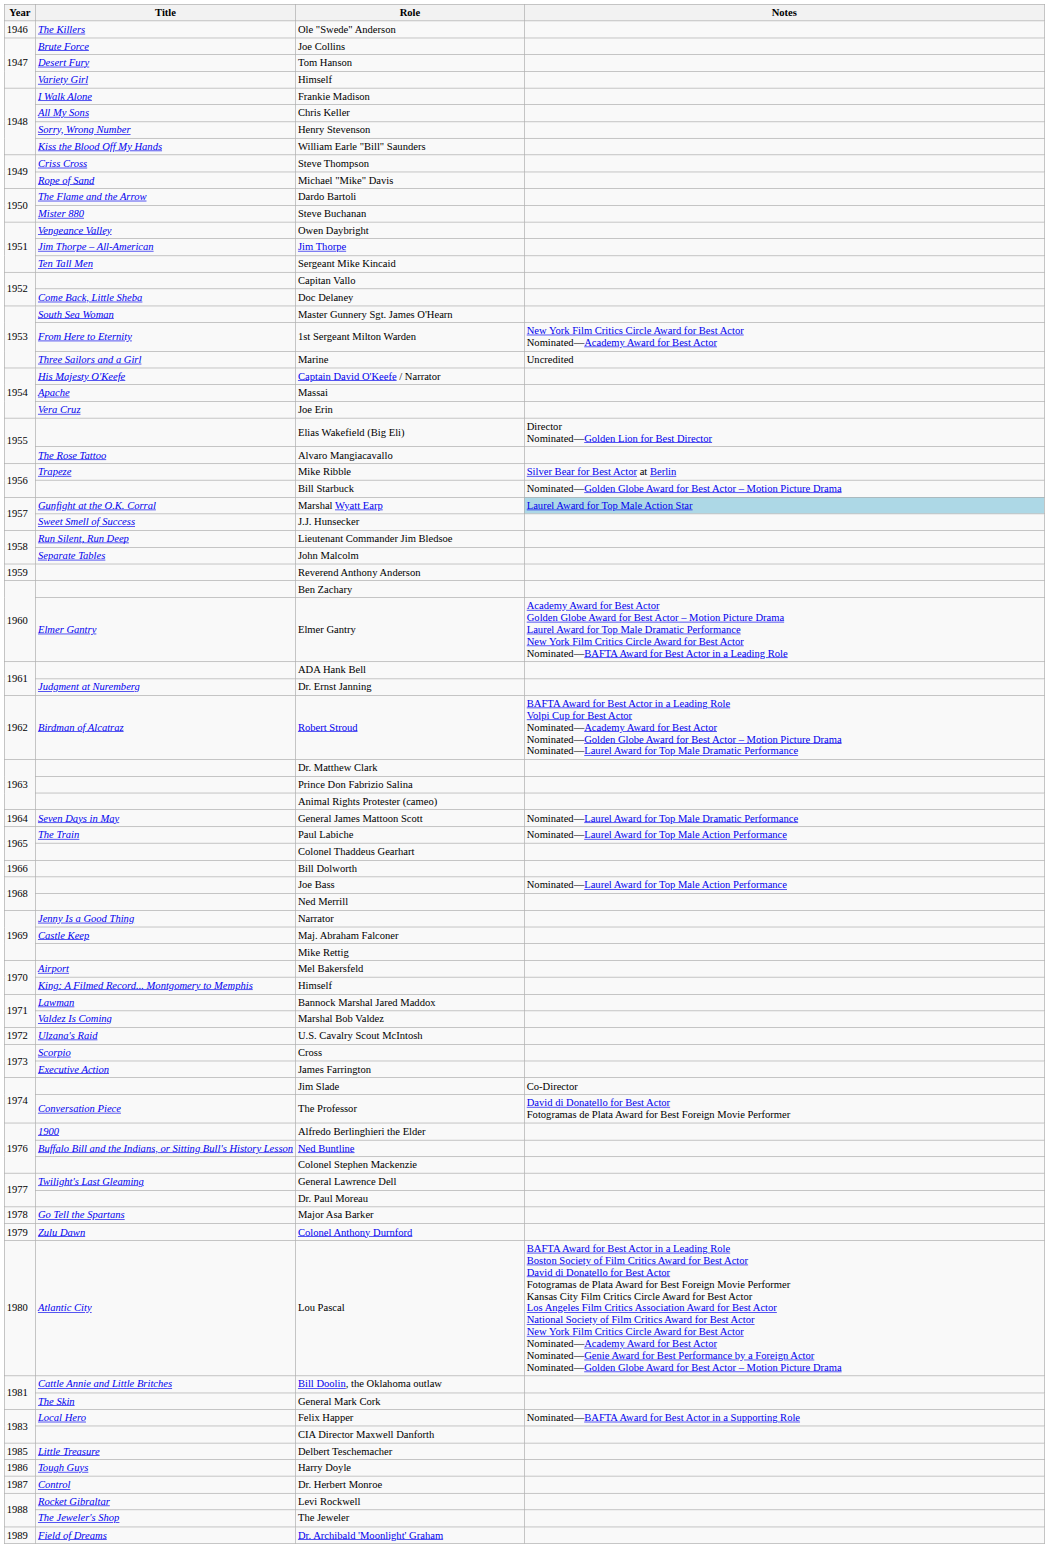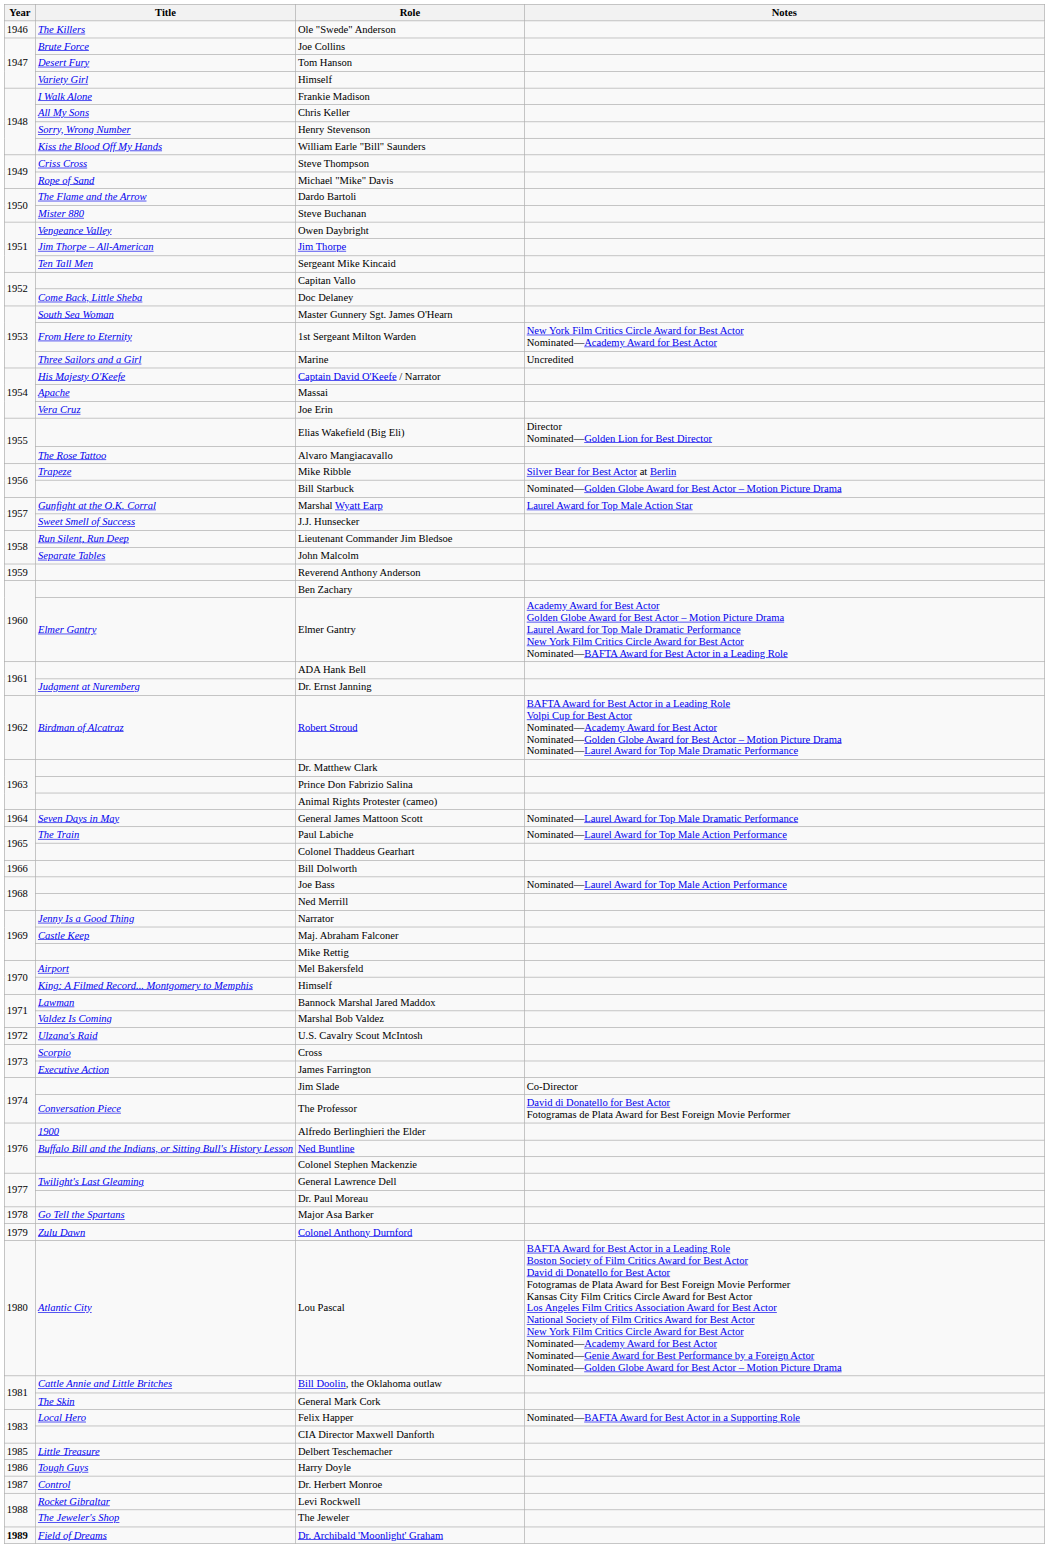 <table class="wikitable sortable">
 <tr>
 <th style="width:3%">Year</th>
 <th style="width:25%">Title</th>
 <th style="width:22%">Role</th>
 <th class="unsortable">Notes</th>
 </tr>
 <tr>
 <td>1946</td>
 <td><em><a href='#'>The Killers</a></em></td>
 <td>Ole "Swede" Anderson</td>
 <td></td>
 </tr>
 <tr>
 <td rowspan="3">1947</td>
 <td><em><a href='#'>Brute Force</a></em></td>
 <td>Joe Collins</td>
 <td></td>
 </tr>
 <tr>
 <td><em><a href='#'>Desert Fury</a></em></td>
 <td>Tom Hanson</td>
 <td></td>
 </tr>
 <tr>
 <td><em><a href='#'>Variety Girl</a></em></td>
 <td>Himself</td>
 <td></td>
 </tr>
 <tr>
 <td rowspan="4">1948</td>
 <td><em><a href='#'>I Walk Alone</a></em></td>
 <td>Frankie Madison</td>
 <td></td>
 </tr>
 <tr>
 <td><em><a href='#'>All My Sons</a></em></td>
 <td>Chris Keller</td>
 <td></td>
 </tr>
 <tr>
 <td><em><a href='#'>Sorry, Wrong Number</a></em></td>
 <td>Henry Stevenson</td>
 <td></td>
 </tr>
 <tr>
 <td><em><a href='#'>Kiss the Blood Off My Hands</a></em></td>
 <td>William Earle "Bill" Saunders</td>
 <td></td>
 </tr>
 <tr>
 <td rowspan="2">1949</td>
 <td><em><a href='#'>Criss Cross</a></em></td>
 <td>Steve Thompson</td>
 <td></td>
 </tr>
 <tr>
 <td><em><a href='#'>Rope of Sand</a></em></td>
 <td>Michael "Mike" Davis</td>
 <td></td>
 </tr>
 <tr>
 <td rowspan="2">1950</td>
 <td><em><a href='#'>The Flame and the Arrow</a></em></td>
 <td>Dardo Bartoli</td>
 <td></td>
 </tr>
 <tr>
 <td><em><a href='#'>Mister 880</a></em></td>
 <td>Steve Buchanan</td>
 <td></td>
 </tr>
 <tr>
 <td rowspan="3">1951</td>
 <td><em><a href='#'>Vengeance Valley</a></em></td>
 <td>Owen Daybright</td>
 <td></td>
 </tr>
 <tr>
 <td><em><a href='#'>Jim Thorpe – All-American</a></em></td>
 <td><a href='#'>Jim Thorpe</a></td>
 <td></td>
 </tr>
 <tr>
 <td><em><a href='#'>Ten Tall Men</a></em></td>
 <td>Sergeant Mike Kincaid</td>
 <td></td>
 </tr>
 <tr>
 <td rowspan="2">1952</td>
 <td><em></em></td>
 <td>Capitan Vallo</td>
 <td></td>
 </tr>
 <tr>
 <td><em><a href='#'>Come Back, Little Sheba</a></em></td>
 <td>Doc Delaney</td>
 <td></td>
 </tr>
 <tr>
 <td rowspan="3">1953</td>
 <td><em><a href='#'>South Sea Woman</a></em></td>
 <td>Master Gunnery Sgt. James O'Hearn</td>
 <td></td>
 </tr>
 <tr>
 <td><em><a href='#'>From Here to Eternity</a></em></td>
 <td>1st Sergeant Milton Warden</td>
 <td><a href='#'>New York Film Critics Circle Award for Best Actor</a><br>Nominated—<a href='#'>Academy Award for Best Actor</a></td>
 </tr>
 <tr>
 <td><em><a href='#'>Three Sailors and a Girl</a></em></td>
 <td>Marine</td>
 <td>Uncredited</td>
 </tr>
 <tr>
 <td rowspan="3">1954</td>
 <td><em><a href='#'>His Majesty O'Keefe</a></em></td>
 <td><a href='#'>Captain David O'Keefe</a> / Narrator</td>
 <td></td>
 </tr>
 <tr>
 <td><em><a href='#'>Apache</a></em></td>
 <td>Massai</td>
 <td></td>
 </tr>
 <tr>
 <td><em><a href='#'>Vera Cruz</a></em></td>
 <td>Joe Erin</td>
 <td></td>
 </tr>
 <tr>
 <td rowspan="2">1955</td>
 <td><em></em></td>
 <td>Elias Wakefield (Big Eli)</td>
 <td>Director<br>Nominated—<a href='#'>Golden Lion for Best Director</a></td>
 </tr>
 <tr>
 <td><em><a href='#'>The Rose Tattoo</a></em></td>
 <td>Alvaro Mangiacavallo</td>
 <td></td>
 </tr>
 <tr>
 <td rowspan="2">1956</td>
 <td><em><a href='#'>Trapeze</a></em></td>
 <td>Mike Ribble</td>
 <td><a href='#'>Silver Bear for Best Actor</a> at <a href='#'>Berlin</a></td>
 </tr>
 <tr>
 <td><em></em></td>
 <td>Bill Starbuck</td>
 <td>Nominated—<a href='#'>Golden Globe Award for Best Actor – Motion Picture Drama</a></td>
 </tr>
 <tr>
 <td rowspan="2">1957</td>
 <td><em><a href='#'>Gunfight at the O.K. Corral</a></em></td>
 <td>Marshal <a href='#'>Wyatt Earp</a></td>
-<td style="background: lightblue;"><a href='#'>Laurel Award for Top Male Action Star</a></td>
+<td><a href='#'>Laurel Award for Top Male Action Star</a></td>
 </tr>
 <tr>
 <td><em><a href='#'>Sweet Smell of Success</a></em></td>
 <td>J.J. Hunsecker</td>
 <td></td>
 </tr>
 <tr>
 <td rowspan="2">1958</td>
 <td><em><a href='#'>Run Silent, Run Deep</a></em></td>
 <td>Lieutenant Commander Jim Bledsoe</td>
 <td></td>
 </tr>
 <tr>
 <td><em><a href='#'>Separate Tables</a></em></td>
 <td>John Malcolm</td>
 <td></td>
 </tr>
 <tr>
 <td>1959</td>
 <td><em></em></td>
 <td>Reverend Anthony Anderson</td>
 <td></td>
 </tr>
 <tr>
 <td rowspan="2">1960</td>
 <td><em></em></td>
 <td>Ben Zachary</td>
 <td></td>
 </tr>
 <tr>
 <td><em><a href='#'>Elmer Gantry</a></em></td>
 <td>Elmer Gantry</td>
 <td><a href='#'>Academy Award for Best Actor</a><br><a href='#'>Golden Globe Award for Best Actor – Motion Picture Drama</a><br><a href='#'>Laurel Award for Top Male Dramatic Performance</a><br><a href='#'>New York Film Critics Circle Award for Best Actor</a><br>Nominated—<a href='#'>BAFTA Award for Best Actor in a Leading Role</a></td>
 </tr>
 <tr>
 <td rowspan="2">1961</td>
 <td><em></em></td>
 <td>ADA Hank Bell</td>
 <td></td>
 </tr>
 <tr>
 <td><em><a href='#'>Judgment at Nuremberg</a></em></td>
 <td>Dr. Ernst Janning</td>
 <td></td>
 </tr>
 <tr>
 <td>1962</td>
 <td><em><a href='#'>Birdman of Alcatraz</a></em></td>
 <td><a href='#'>Robert Stroud</a></td>
 <td><a href='#'>BAFTA Award for Best Actor in a Leading Role</a><br><a href='#'>Volpi Cup for Best Actor</a><br>Nominated—<a href='#'>Academy Award for Best Actor</a><br>Nominated—<a href='#'>Golden Globe Award for Best Actor – Motion Picture Drama</a><br>Nominated—<a href='#'>Laurel Award for Top Male Dramatic Performance</a></td>
 </tr>
 <tr>
 <td rowspan="3">1963</td>
 <td><em></em></td>
 <td>Dr. Matthew Clark</td>
 <td></td>
 </tr>
 <tr>
 <td><em></em></td>
 <td>Prince Don Fabrizio Salina</td>
 <td></td>
 </tr>
 <tr>
 <td><em></em></td>
 <td>Animal Rights Protester (cameo)</td>
 <td></td>
 </tr>
 <tr>
 <td>1964</td>
 <td><em><a href='#'>Seven Days in May</a></em></td>
 <td>General James Mattoon Scott</td>
 <td>Nominated—<a href='#'>Laurel Award for Top Male Dramatic Performance</a></td>
 </tr>
 <tr>
 <td rowspan="2">1965</td>
 <td><em><a href='#'>The Train</a></em></td>
 <td>Paul Labiche</td>
 <td>Nominated—<a href='#'>Laurel Award for Top Male Action Performance</a></td>
 </tr>
 <tr>
 <td><em></em></td>
 <td>Colonel Thaddeus Gearhart</td>
 <td></td>
 </tr>
 <tr>
 <td>1966</td>
 <td><em></em></td>
 <td>Bill Dolworth</td>
 <td></td>
 </tr>
 <tr>
 <td rowspan="2">1968</td>
 <td><em></em></td>
 <td>Joe Bass</td>
 <td>Nominated—<a href='#'>Laurel Award for Top Male Action Performance</a></td>
 </tr>
 <tr>
 <td><em></em></td>
 <td>Ned Merrill</td>
 <td></td>
 </tr>
 <tr>
 <td rowspan="3">1969</td>
 <td><em><a href='#'>Jenny Is a Good Thing</a></em></td>
 <td>Narrator</td>
 <td></td>
 </tr>
 <tr>
 <td><em><a href='#'>Castle Keep</a></em></td>
 <td>Maj. Abraham Falconer</td>
 <td></td>
 </tr>
 <tr>
 <td><em></em></td>
 <td>Mike Rettig</td>
 <td></td>
 </tr>
 <tr>
 <td rowspan="2">1970</td>
 <td><em><a href='#'>Airport</a></em></td>
 <td>Mel Bakersfeld</td>
 <td></td>
 </tr>
 <tr>
 <td><em><a href='#'>King: A Filmed Record... Montgomery to Memphis</a></em></td>
 <td>Himself</td>
 <td></td>
 </tr>
 <tr>
 <td rowspan="2">1971</td>
 <td><em><a href='#'>Lawman</a></em></td>
 <td>Bannock Marshal Jared Maddox</td>
 <td></td>
 </tr>
 <tr>
 <td><em><a href='#'>Valdez Is Coming</a></em></td>
 <td>Marshal Bob Valdez</td>
 <td></td>
 </tr>
 <tr>
 <td>1972</td>
 <td><em><a href='#'>Ulzana's Raid</a></em></td>
 <td>U.S. Cavalry Scout McIntosh</td>
 <td></td>
 </tr>
 <tr>
 <td rowspan="2">1973</td>
 <td><em><a href='#'>Scorpio</a></em></td>
 <td>Cross</td>
 <td></td>
 </tr>
 <tr>
 <td><em><a href='#'>Executive Action</a></em></td>
 <td>James Farrington</td>
 <td></td>
 </tr>
 <tr>
 <td rowspan="2">1974</td>
 <td><em></em></td>
 <td>Jim Slade</td>
 <td>Co-Director</td>
 </tr>
 <tr>
 <td><em><a href='#'>Conversation Piece</a></em></td>
 <td>The Professor</td>
 <td><a href='#'>David di Donatello for Best Actor</a><br>Fotogramas de Plata Award for Best Foreign Movie Performer</td>
 </tr>
 <tr>
 <td rowspan="3">1976</td>
 <td><em><a href='#'>1900</a></em></td>
 <td>Alfredo Berlinghieri the Elder</td>
 <td></td>
 </tr>
 <tr>
 <td><em><a href='#'>Buffalo Bill and the Indians, or Sitting Bull's History Lesson</a></em></td>
 <td><a href='#'>Ned Buntline</a></td>
 <td></td>
 </tr>
 <tr>
 <td><em></em></td>
 <td>Colonel Stephen Mackenzie</td>
 <td></td>
 </tr>
 <tr>
 <td rowspan="2">1977</td>
 <td><em><a href='#'>Twilight's Last Gleaming</a></em></td>
 <td>General Lawrence Dell</td>
 </tr>
 <tr>
 <td><em></em></td>
 <td>Dr. Paul Moreau</td>
 <td></td>
 </tr>
 <tr>
 <td>1978</td>
 <td><em><a href='#'>Go Tell the Spartans</a></em></td>
 <td>Major Asa Barker</td>
 <td></td>
 </tr>
 <tr>
 <td>1979</td>
 <td><em><a href='#'>Zulu Dawn</a></em></td>
 <td><a href='#'>Colonel Anthony Durnford</a></td>
 <td></td>
 </tr>
 <tr>
 <td>1980</td>
 <td><em><a href='#'>Atlantic City</a></em></td>
 <td>Lou Pascal</td>
 <td><a href='#'>BAFTA Award for Best Actor in a Leading Role</a><br><a href='#'>Boston Society of Film Critics Award for Best Actor</a><br><a href='#'>David di Donatello for Best Actor</a><br>Fotogramas de Plata Award for Best Foreign Movie Performer<br>Kansas City Film Critics Circle Award for Best Actor<br><a href='#'>Los Angeles Film Critics Association Award for Best Actor</a><br><a href='#'>National Society of Film Critics Award for Best Actor</a><br><a href='#'>New York Film Critics Circle Award for Best Actor</a><br>Nominated—<a href='#'>Academy Award for Best Actor</a><br>Nominated—<a href='#'>Genie Award for Best Performance by a Foreign Actor</a><br>Nominated—<a href='#'>Golden Globe Award for Best Actor – Motion Picture Drama</a></td>
 </tr>
 <tr>
 <td rowspan="2">1981</td>
 <td><em><a href='#'>Cattle Annie and Little Britches</a></em></td>
 <td><a href='#'>Bill Doolin</a>, the Oklahoma outlaw</td>
 <td></td>
 </tr>
 <tr>
 <td><em><a href='#'>The Skin</a></em></td>
 <td>General Mark Cork</td>
 <td></td>
 </tr>
 <tr>
 <td rowspan="2">1983</td>
 <td><em><a href='#'>Local Hero</a></em></td>
 <td>Felix Happer</td>
 <td>Nominated—<a href='#'>BAFTA Award for Best Actor in a Supporting Role</a></td>
 </tr>
 <tr>
 <td><em></em></td>
 <td>CIA Director Maxwell Danforth</td>
 <td></td>
 </tr>
 <tr>
 <td>1985</td>
 <td><em><a href='#'>Little Treasure</a></em></td>
 <td>Delbert Teschemacher</td>
 <td></td>
 </tr>
 <tr>
 <td>1986</td>
 <td><em><a href='#'>Tough Guys</a></em></td>
 <td>Harry Doyle</td>
 <td></td>
 </tr>
 <tr>
 <td>1987</td>
 <td><em><a href='#'>Control</a></em></td>
 <td>Dr. Herbert Monroe</td>
 <td></td>
 </tr>
 <tr>
 <td rowspan="2">1988</td>
 <td><em><a href='#'>Rocket Gibraltar</a></em></td>
 <td>Levi Rockwell</td>
 <td></td>
 </tr>
 <tr>
 <td><em><a href='#'>The Jeweler's Shop</a></em></td>
 <td>The Jeweler</td>
 <td></td>
 </tr>
 <tr>
-<td>1989</td>
+<td><strong>1989</strong></td>
 <td><em><a href='#'>Field of Dreams</a></em></td>
 <td><a href='#'>Dr. Archibald 'Moonlight' Graham</a></td>
 <td></td>
 </tr>
 </table>
